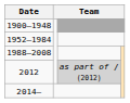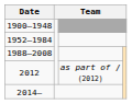 <table class="wikitable" style="text-align:center; font-size:90%;">
 <tr>
 <th>Date</th>
 <th colspan=3>Team</th>
 </tr>
 <tr>
 <td>1900–1948</td>
 <td rowspan=4></td>
 <td colspan=2 style="background:darkgray"></td>
 </tr>
 <tr>
 <td>1952–1984</td>
 <td colspan=2></td>
 </tr>
 <tr>
 <td>1988–2008</td>
 <td></td>
 <td rowspan=3 style="background:moccasin"></td>
 </tr>
 <tr>
 <td>2012</td>
-<td style="background: lightgrey;"><em>as part of </em> /<br>  <small>(2012)</small></td>
+<td><em>as part of </em> /<br>  <small>(2012)</small></td>
 </tr>
 <tr>
 <td>2014–</td>
 <td colspan=2></td>
 </tr>
 </table>
